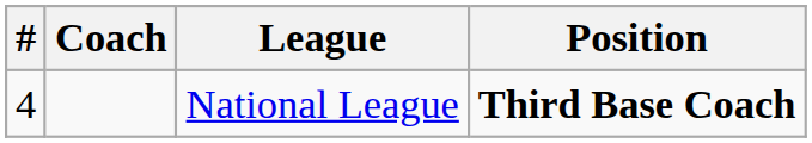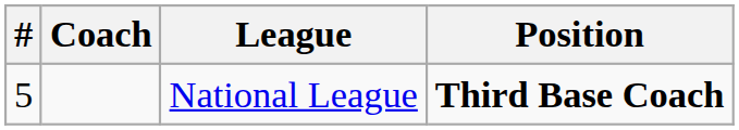 <table class="wikitable">
 <tr>
 <th>#</th>
 <th>Coach</th>
 <th>League</th>
 <th>Position</th>
 </tr>
 <tr align="center">
-<td>4</td>
+<td>5</td>
 <td></td>
 <td><a href='#'>National League</a></td>
 <td><strong>Third Base Coach</strong></td>
 </tr>
 </table>
